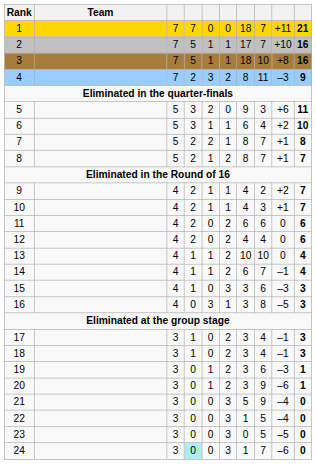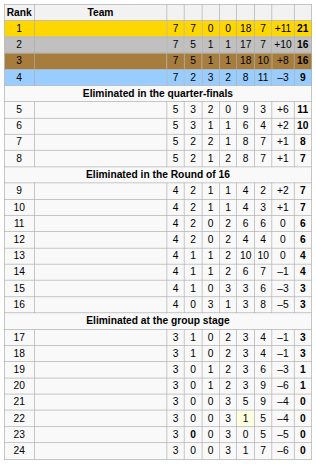 <table class="wikitable" style="text-align:center">
 <tr>
 <th width=20>Rank</th>
 <th width=200>Team</th>
 <th width="20"></th>
 <th width="20"></th>
 <th width="20"></th>
 <th width="20"></th>
 <th width="20"></th>
 <th width="20"></th>
 <th width="20"></th>
 <th width="20"></th>
 </tr>
 <tr style="background:gold;">
 <td>1</td>
 <td style="text-align:left;"></td>
 <td>7</td>
 <td>7</td>
 <td>0</td>
 <td>0</td>
 <td>18</td>
 <td>7</td>
 <td>+11</td>
 <td><strong>21</strong></td>
 </tr>
 <tr style="background:silver;">
 <td>2</td>
 <td style="text-align:left;"></td>
 <td>7</td>
 <td>5</td>
 <td>1</td>
 <td>1</td>
 <td>17</td>
 <td>7</td>
 <td>+10</td>
 <td><strong>16</strong></td>
 </tr>
 <tr style="background:#a67d3d;">
 <td>3</td>
 <td style="text-align:left;"></td>
 <td>7</td>
 <td>5</td>
 <td>1</td>
 <td>1</td>
 <td>18</td>
 <td>10</td>
 <td>+8</td>
 <td><strong>16</strong></td>
 </tr>
 <tr style="background:#9acdff;">
 <td>4</td>
 <td style="text-align:left;"></td>
 <td>7</td>
 <td>2</td>
 <td>3</td>
 <td>2</td>
 <td>8</td>
 <td>11</td>
 <td>–3</td>
 <td><strong>9</strong></td>
 </tr>
 <tr>
 <td colspan="11"><strong>Eliminated in the quarter-finals</strong></td>
 </tr>
 <tr>
 <td>5</td>
 <td style="text-align:left;"></td>
 <td>5</td>
 <td>3</td>
 <td>2</td>
 <td>0</td>
 <td>9</td>
 <td>3</td>
 <td>+6</td>
 <td><strong>11</strong></td>
 </tr>
 <tr>
 <td>6</td>
 <td style="text-align:left;"></td>
 <td>5</td>
 <td>3</td>
 <td>1</td>
 <td>1</td>
 <td>6</td>
 <td>4</td>
 <td>+2</td>
 <td><strong>10</strong></td>
 </tr>
 <tr>
 <td>7</td>
 <td style="text-align:left;"></td>
 <td>5</td>
 <td>2</td>
 <td>2</td>
 <td>1</td>
 <td>8</td>
 <td>7</td>
 <td>+1</td>
 <td><strong>8</strong></td>
 </tr>
 <tr>
 <td>8</td>
 <td style="text-align:left;"></td>
 <td>5</td>
 <td>2</td>
 <td>1</td>
 <td>2</td>
 <td>8</td>
 <td>7</td>
 <td>+1</td>
 <td><strong>7</strong></td>
 </tr>
 <tr>
 <td colspan="11"><strong>Eliminated in the Round of 16</strong></td>
 </tr>
 <tr>
 <td>9</td>
 <td style="text-align:left;"></td>
 <td>4</td>
 <td>2</td>
 <td>1</td>
 <td>1</td>
 <td>4</td>
 <td>2</td>
 <td>+2</td>
 <td><strong>7</strong></td>
 </tr>
 <tr>
 <td>10</td>
 <td style="text-align:left;"></td>
 <td>4</td>
 <td>2</td>
 <td>1</td>
 <td>1</td>
 <td>4</td>
 <td>3</td>
 <td>+1</td>
 <td><strong>7</strong></td>
 </tr>
 <tr>
 <td>11</td>
 <td style="text-align:left;"></td>
 <td>4</td>
 <td>2</td>
 <td>0</td>
 <td>2</td>
 <td>6</td>
 <td>6</td>
 <td>0</td>
 <td><strong>6</strong></td>
 </tr>
 <tr>
 <td>12</td>
 <td style="text-align:left;"></td>
 <td>4</td>
 <td>2</td>
 <td>0</td>
 <td>2</td>
 <td>4</td>
 <td>4</td>
 <td>0</td>
 <td><strong>6</strong></td>
 </tr>
 <tr>
 <td>13</td>
 <td style="text-align:left;"></td>
 <td>4</td>
 <td>1</td>
 <td>1</td>
 <td>2</td>
 <td>10</td>
 <td>10</td>
 <td>0</td>
 <td><strong>4</strong></td>
 </tr>
 <tr>
 <td>14</td>
 <td style="text-align:left;"></td>
 <td>4</td>
 <td>1</td>
 <td>1</td>
 <td>2</td>
 <td>6</td>
 <td>7</td>
 <td>–1</td>
 <td><strong>4</strong></td>
 </tr>
 <tr>
 <td>15</td>
 <td style="text-align:left;"></td>
 <td>4</td>
 <td>1</td>
 <td>0</td>
 <td>3</td>
 <td>3</td>
 <td>6</td>
 <td>–3</td>
 <td><strong>3</strong></td>
 </tr>
 <tr>
 <td>16</td>
 <td style="text-align:left;"></td>
 <td>4</td>
 <td>0</td>
 <td>3</td>
 <td>1</td>
 <td>3</td>
 <td>8</td>
 <td>–5</td>
 <td><strong>3</strong></td>
 </tr>
 <tr>
 <td colspan="11"><strong>Eliminated at the group stage</strong></td>
 </tr>
 <tr>
 <td>17</td>
 <td style="text-align:left;"></td>
 <td>3</td>
 <td>1</td>
 <td>0</td>
 <td>2</td>
 <td>3</td>
 <td>4</td>
 <td>–1</td>
 <td><strong>3</strong></td>
 </tr>
 <tr>
 <td>18</td>
 <td style="text-align:left;"></td>
 <td>3</td>
 <td>1</td>
 <td>0</td>
 <td>2</td>
 <td>3</td>
 <td>4</td>
 <td>–1</td>
 <td><strong>3</strong></td>
 </tr>
 <tr>
 <td>19</td>
 <td style="text-align:left;"></td>
 <td>3</td>
 <td>0</td>
 <td>1</td>
 <td>2</td>
 <td>3</td>
 <td>6</td>
 <td>–3</td>
 <td><strong>1</strong></td>
 </tr>
 <tr>
 <td>20</td>
 <td style="text-align:left;"></td>
 <td>3</td>
 <td>0</td>
 <td>1</td>
 <td>2</td>
 <td>3</td>
 <td>9</td>
 <td>–6</td>
 <td><strong>1</strong></td>
 </tr>
 <tr>
 <td>21</td>
 <td style="text-align:left;"></td>
 <td>3</td>
 <td>0</td>
 <td>0</td>
 <td>3</td>
 <td>5</td>
 <td>9</td>
 <td>–4</td>
 <td><strong>0</strong></td>
 </tr>
 <tr>
 <td>22</td>
 <td style="text-align:left;"></td>
 <td>3</td>
 <td>0</td>
 <td>0</td>
 <td>3</td>
-<td>1</td>
+<td style="background: lightyellow;">1</td>
 <td>5</td>
 <td>–4</td>
 <td><strong>0</strong></td>
 </tr>
 <tr>
 <td>23</td>
 <td style="text-align:left;"></td>
 <td>3</td>
-<td>0</td>
+<td><strong>0</strong></td>
 <td>0</td>
 <td>3</td>
 <td>0</td>
 <td>5</td>
 <td>–5</td>
 <td><strong>0</strong></td>
 </tr>
 <tr>
 <td>24</td>
 <td style="text-align:left;"></td>
 <td>3</td>
-<td style="background: paleturquoise;">0</td>
+<td>0</td>
 <td>0</td>
 <td>3</td>
 <td>1</td>
 <td>7</td>
 <td>–6</td>
 <td><strong>0</strong></td>
 </tr>
 </table>
